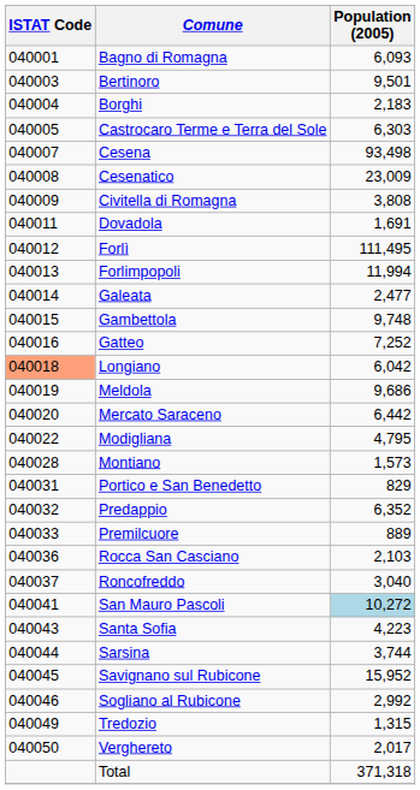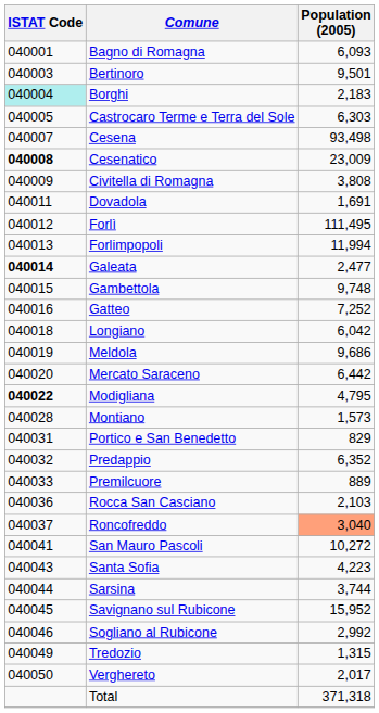 <table class="wikitable sortable">
 <tr>
 <th><a href='#'>ISTAT</a> Code</th>
 <th><em><a href='#'>Comune</a></em></th>
 <th>Population <br>(2005)</th>
 </tr>
 <tr>
 <td>040001</td>
 <td><a href='#'>Bagno di Romagna</a></td>
 <td align="right">6,093</td>
 </tr>
 <tr>
 <td>040003</td>
 <td><a href='#'>Bertinoro</a></td>
 <td align="right">9,501</td>
 </tr>
 <tr>
-<td>040004</td>
+<td style="background: paleturquoise;">040004</td>
 <td><a href='#'>Borghi</a></td>
 <td align="right">2,183</td>
 </tr>
 <tr>
 <td>040005</td>
 <td><a href='#'>Castrocaro Terme e Terra del Sole</a></td>
 <td align="right">6,303</td>
 </tr>
 <tr>
 <td>040007</td>
 <td><a href='#'>Cesena</a></td>
 <td align="right">93,498</td>
 </tr>
 <tr>
-<td>040008</td>
+<td><strong>040008</strong></td>
 <td><a href='#'>Cesenatico</a></td>
 <td align="right">23,009</td>
 </tr>
 <tr>
 <td>040009</td>
 <td><a href='#'>Civitella di Romagna</a></td>
 <td align="right">3,808</td>
 </tr>
 <tr>
 <td>040011</td>
 <td><a href='#'>Dovadola</a></td>
 <td align="right">1,691</td>
 </tr>
 <tr>
 <td>040012</td>
 <td><a href='#'>Forlì</a></td>
 <td align="right">111,495</td>
 </tr>
 <tr>
 <td>040013</td>
 <td><a href='#'>Forlimpopoli</a></td>
 <td align="right">11,994</td>
 </tr>
 <tr>
-<td>040014</td>
+<td><strong>040014</strong></td>
 <td><a href='#'>Galeata</a></td>
 <td align="right">2,477</td>
 </tr>
 <tr>
 <td>040015</td>
 <td><a href='#'>Gambettola</a></td>
 <td align="right">9,748</td>
 </tr>
 <tr>
 <td>040016</td>
 <td><a href='#'>Gatteo</a></td>
 <td align="right">7,252</td>
 </tr>
 <tr>
-<td style="background: lightsalmon;">040018</td>
+<td>040018</td>
 <td><a href='#'>Longiano</a></td>
 <td align="right">6,042</td>
 </tr>
 <tr>
 <td>040019</td>
 <td><a href='#'>Meldola</a></td>
 <td align="right">9,686</td>
 </tr>
 <tr>
 <td>040020</td>
 <td><a href='#'>Mercato Saraceno</a></td>
 <td align="right">6,442</td>
 </tr>
 <tr>
-<td>040022</td>
+<td><strong>040022</strong></td>
 <td><a href='#'>Modigliana</a></td>
 <td align="right">4,795</td>
 </tr>
 <tr>
 <td>040028</td>
 <td><a href='#'>Montiano</a></td>
 <td align="right">1,573</td>
 </tr>
 <tr>
 <td>040031</td>
 <td><a href='#'>Portico e San Benedetto</a></td>
 <td align="right">829</td>
 </tr>
 <tr>
 <td>040032</td>
 <td><a href='#'>Predappio</a></td>
 <td align="right">6,352</td>
 </tr>
 <tr>
 <td>040033</td>
 <td><a href='#'>Premilcuore</a></td>
 <td align="right">889</td>
 </tr>
 <tr>
 <td>040036</td>
 <td><a href='#'>Rocca San Casciano</a></td>
 <td align="right">2,103</td>
 </tr>
 <tr>
 <td>040037</td>
 <td><a href='#'>Roncofreddo</a></td>
-<td align="right">3,040</td>
+<td align="right" style="background: lightsalmon;">3,040</td>
 </tr>
 <tr>
 <td>040041</td>
 <td><a href='#'>San Mauro Pascoli</a></td>
-<td align="right" style="background: lightblue;">10,272</td>
+<td align="right">10,272</td>
 </tr>
 <tr>
 <td>040043</td>
 <td><a href='#'>Santa Sofia</a></td>
 <td align="right">4,223</td>
 </tr>
 <tr>
 <td>040044</td>
 <td><a href='#'>Sarsina</a></td>
 <td align="right">3,744</td>
 </tr>
 <tr>
 <td>040045</td>
 <td><a href='#'>Savignano sul Rubicone</a></td>
 <td align="right">15,952</td>
 </tr>
 <tr>
 <td>040046</td>
 <td><a href='#'>Sogliano al Rubicone</a></td>
 <td align="right">2,992</td>
 </tr>
 <tr>
 <td>040049</td>
 <td><a href='#'>Tredozio</a></td>
 <td align="right">1,315</td>
 </tr>
 <tr>
 <td>040050</td>
 <td><a href='#'>Verghereto</a></td>
 <td align="right">2,017</td>
 </tr>
 <tr>
 <td></td>
 <td>Total</td>
 <td align="right">371,318</td>
 </tr>
 <tr>
 </tr>
 </table>
